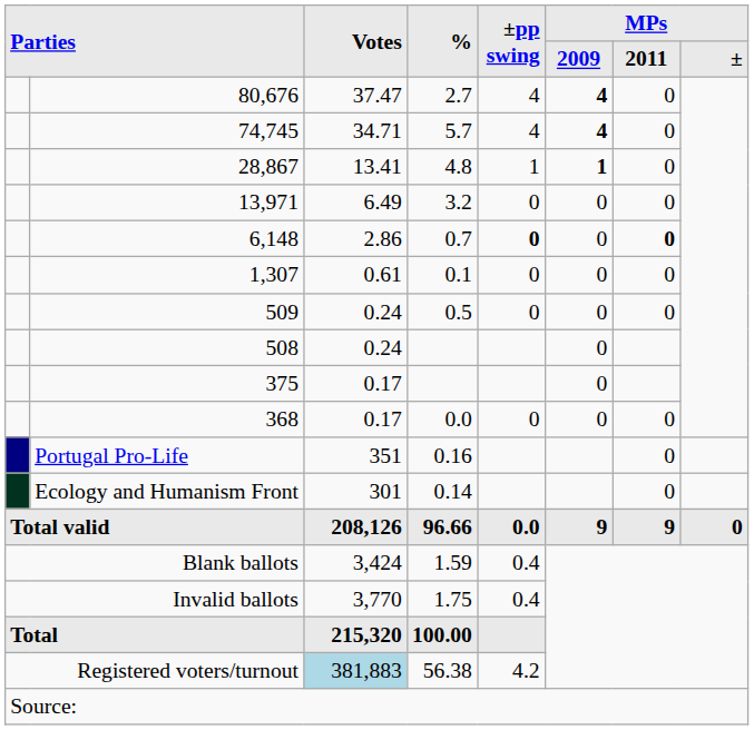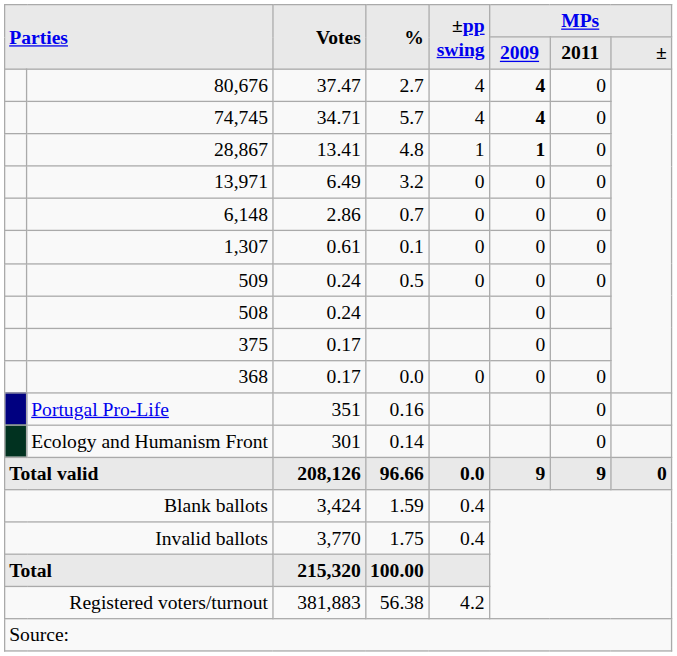 <table class="wikitable" style="text-align:right; font-size:95%;">
 <tr>
 <th rowspan="2" colspan="2" style="background:#e9e9e9; text-align:left;" alignleft><a href='#'>Parties</a></th>
 <th rowspan="2" style="background:#e9e9e9; text-align:right;">Votes</th>
 <th rowspan="2" style="background:#e9e9e9; text-align:right;">%</th>
 <th rowspan="2" style="background:#e9e9e9; text-align:right;">±<a href='#'>pp</a> <a href='#'>swing</a></th>
 <th colspan="3" style="background:#e9e9e9; text-align:center;"><a href='#'>MPs</a></th>
 </tr>
 <tr style="background-color:#E9E9E9">
 <th style="background-color:#E9E9E9;text-align:center;"><a href='#'>2009</a></th>
 <th style="background-color:#E9E9E9;text-align:center;">2011</th>
 <th style="background:#e9e9e9; text-align:right;">±</th>
 </tr>
 <tr>
 <td></td>
 <td>80,676</td>
 <td>37.47</td>
 <td>2.7</td>
 <td>4</td>
 <td><strong>4</strong></td>
 <td>0</td>
 </tr>
 <tr>
 <td></td>
 <td>74,745</td>
 <td>34.71</td>
 <td>5.7</td>
 <td>4</td>
 <td><strong>4</strong></td>
 <td>0</td>
 </tr>
 <tr>
 <td></td>
 <td>28,867</td>
 <td>13.41</td>
 <td>4.8</td>
 <td>1</td>
 <td><strong>1</strong></td>
 <td>0</td>
 </tr>
 <tr>
 <td></td>
 <td>13,971</td>
 <td>6.49</td>
 <td>3.2</td>
 <td>0</td>
 <td>0</td>
 <td>0</td>
 </tr>
 <tr>
 <td></td>
 <td>6,148</td>
 <td>2.86</td>
 <td>0.7</td>
-<td><strong>0</strong></td>
 <td>0</td>
-<td><strong>0</strong></td>
+<td>0</td>
+<td>0</td>
 </tr>
 <tr>
 <td></td>
 <td>1,307</td>
 <td>0.61</td>
 <td>0.1</td>
 <td>0</td>
 <td>0</td>
 <td>0</td>
 </tr>
 <tr>
 <td></td>
 <td>509</td>
 <td>0.24</td>
 <td>0.5</td>
 <td>0</td>
 <td>0</td>
 <td>0</td>
 </tr>
 <tr>
 <td></td>
 <td>508</td>
 <td>0.24</td>
 <td></td>
 <td></td>
 <td>0</td>
 <td></td>
 </tr>
 <tr>
 <td></td>
 <td>375</td>
 <td>0.17</td>
 <td></td>
 <td></td>
 <td>0</td>
 <td></td>
 </tr>
 <tr>
 <td></td>
 <td>368</td>
 <td>0.17</td>
 <td>0.0</td>
 <td>0</td>
 <td>0</td>
 <td>0</td>
 </tr>
 <tr>
 <td style="width:10px;background-color:#000080;text-align:center;"></td>
 <td style="text-align:left;"><a href='#'>Portugal Pro-Life</a></td>
 <td>351</td>
 <td>0.16</td>
 <td></td>
 <td></td>
 <td>0</td>
 <td></td>
 </tr>
 <tr>
 <td style="width:10px;background-color:#013220;text-align:center;"></td>
 <td style="text-align:left;">Ecology and Humanism Front </td>
 <td>301</td>
 <td>0.14</td>
 <td></td>
 <td></td>
 <td>0</td>
 <td></td>
 </tr>
 <tr>
 <td colspan=2 align=left style="background-color:#E9E9E9"><strong>Total valid</strong></td>
 <td width="65" align="right" style="background-color:#E9E9E9"><strong>208,126</strong></td>
 <td width="40" align="right" style="background-color:#E9E9E9"><strong>96.66</strong></td>
 <td width="40" align="right" style="background-color:#E9E9E9"><strong>0.0</strong></td>
 <td width="40" align="right" style="background-color:#E9E9E9"><strong>9</strong></td>
 <td width="40" align="right" style="background-color:#E9E9E9"><strong>9</strong></td>
 <td width="40" align="right" style="background-color:#E9E9E9"><strong>0</strong></td>
 </tr>
 <tr>
 <td colspan=2>Blank ballots</td>
 <td>3,424</td>
 <td>1.59</td>
 <td>0.4</td>
 <td colspan=4 rowspan=4></td>
 </tr>
 <tr>
 <td colspan=2>Invalid ballots</td>
 <td>3,770</td>
 <td>1.75</td>
 <td>0.4</td>
 </tr>
 <tr>
 <td colspan=2 align=left style="background-color:#E9E9E9"><strong>Total</strong></td>
 <td width="50" align="right" style="background-color:#E9E9E9"><strong>215,320</strong></td>
 <td width="40" align="right" style="background-color:#E9E9E9"><strong>100.00</strong></td>
 <td width="40" align="right" style="background-color:#E9E9E9"></td>
 </tr>
 <tr>
 <td colspan=2>Registered voters/turnout</td>
-<td style="background: lightblue;">381,883</td>
+<td>381,883</td>
 <td>56.38</td>
 <td>4.2</td>
 </tr>
 <tr>
 <td colspan=11 align=left>Source: </td>
 </tr>
 </table>
